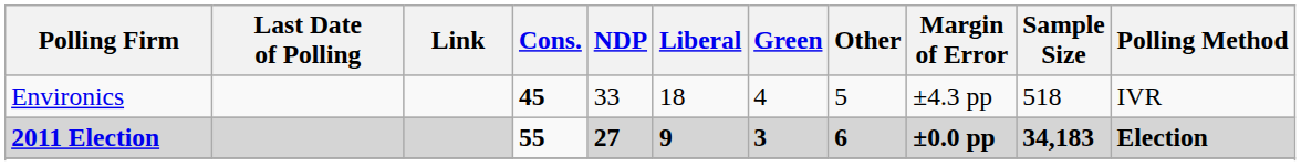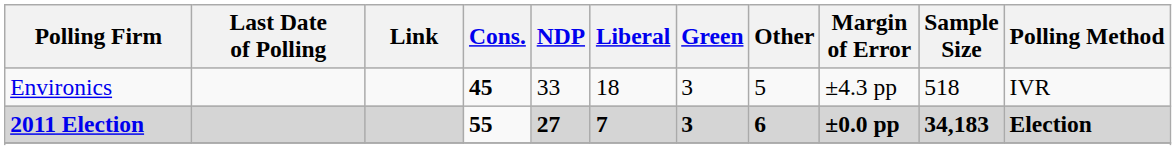 <table class="wikitable sortable">
 <tr style="background:#e9e9e9;">
 <th style="width:120px">Polling Firm</th>
 <th style="width:110px">Last Date<br>of Polling</th>
 <th style="width:60px" class="unsortable">Link</th>
 <th style="background-color:"><strong><a href='#'>Cons.</a></strong></th>
 <th style="background-color:"><strong><a href='#'>NDP</a></strong></th>
 <th style="background-color:"><strong><a href='#'>Liberal</a></strong></th>
 <th style="background-color:"><strong><a href='#'>Green</a></strong></th>
 <th style="background-color:"><strong>Other</strong></th>
 <th style="width:60px;" class=unsortable>Margin<br>of Error</th>
 <th style="width:50px;" class=unsortable>Sample<br>Size</th>
 <th class=unsortable>Polling Method</th>
 </tr>
 <tr>
 <td><a href='#'>Environics</a></td>
 <td></td>
 <td></td>
 <td><strong>45</strong></td>
 <td>33</td>
 <td>18</td>
-<td>4</td>
+<td>3</td>
 <td>5</td>
 <td>±4.3 pp</td>
 <td>518</td>
 <td>IVR</td>
 </tr>
 <tr>
 <td style="background:#D5D5D5"><strong><a href='#'>2011 Election</a></strong></td>
 <td style="background:#D5D5D5"><strong></strong></td>
 <td style="background:#D5D5D5"></td>
 <td><strong>55</strong></td>
 <td style="background:#D5D5D5"><strong>27</strong></td>
-<td style="background:#D5D5D5"><strong>9</strong></td>
+<td style="background:#D5D5D5"><strong>7</strong></td>
 <td style="background:#D5D5D5"><strong>3</strong></td>
 <td style="background:#D5D5D5"><strong>6</strong></td>
 <td style="background:#D5D5D5"><strong>±0.0 pp</strong></td>
 <td style="background:#D5D5D5"><strong>34,183</strong></td>
 <td style="background:#D5D5D5"><strong>Election</strong></td>
 </tr>
 <tr>
 </tr>
 <tr>
 </tr>
 </table>
